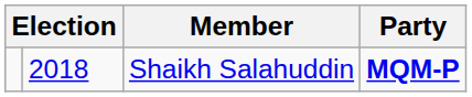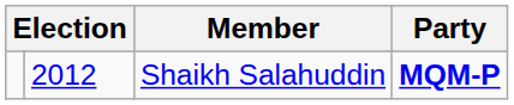 <table class="wikitable">
 <tr>
 <th colspan="2">Election</th>
 <th>Member</th>
 <th>Party</th>
 </tr>
 <tr>
 <td style="background-color: "></td>
-<td><a href='#'>2018</a></td>
+<td><a href='#'>2012</a></td>
 <td><a href='#'>Shaikh Salahuddin</a></td>
 <td><strong><a href='#'>MQM-P</a></strong></td>
 </tr>
 </table>
